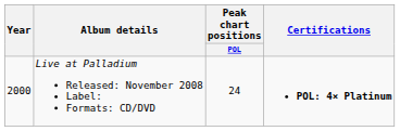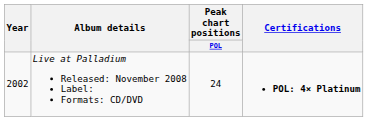 <table class=wikitable style=text-align:center;>
 <tr>
 <th rowspan=2>Year</th>
 <th rowspan=2>Album details</th>
 <th colspan=1>Peak chart positions</th>
 <th rowspan=2><a href='#'>Certifications</a></th>
 </tr>
 <tr style="vertical-align:top;line-height:1.2">
 <th style="width:4em;font-size:75%"><a href='#'>POL</a></th>
 </tr>
 <tr>
-<td>2000</td>
+<td>2002</td>
 <td align=left><em>Live at Palladium</em><br><ul><li>Released: November 2008</li><li>Label:</li><li>Formats: CD/DVD</li></ul></td>
 <td>24</td>
 <td><strong><br><ul><li>POL: 4× Platinum</li></ul></strong></td>
 </tr>
 </table>
